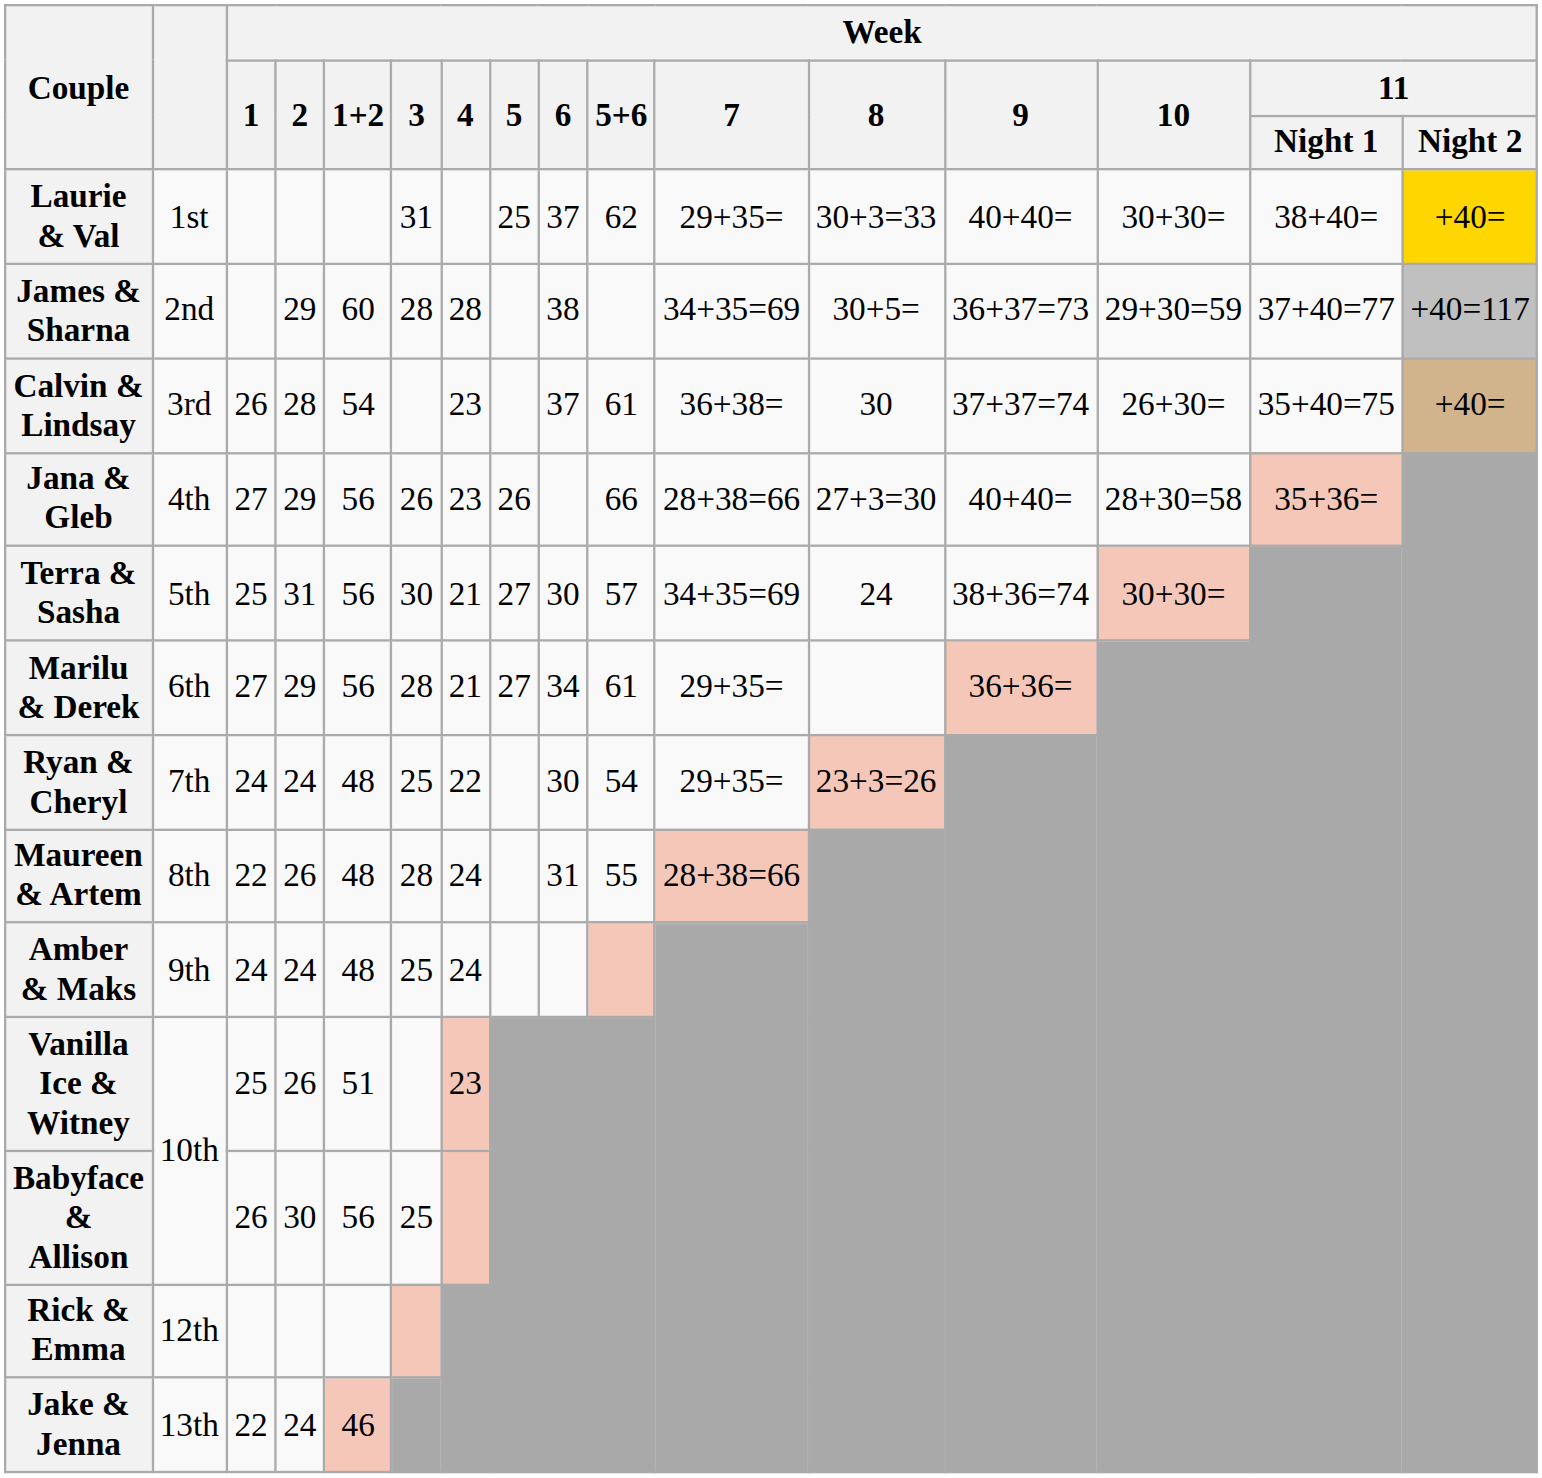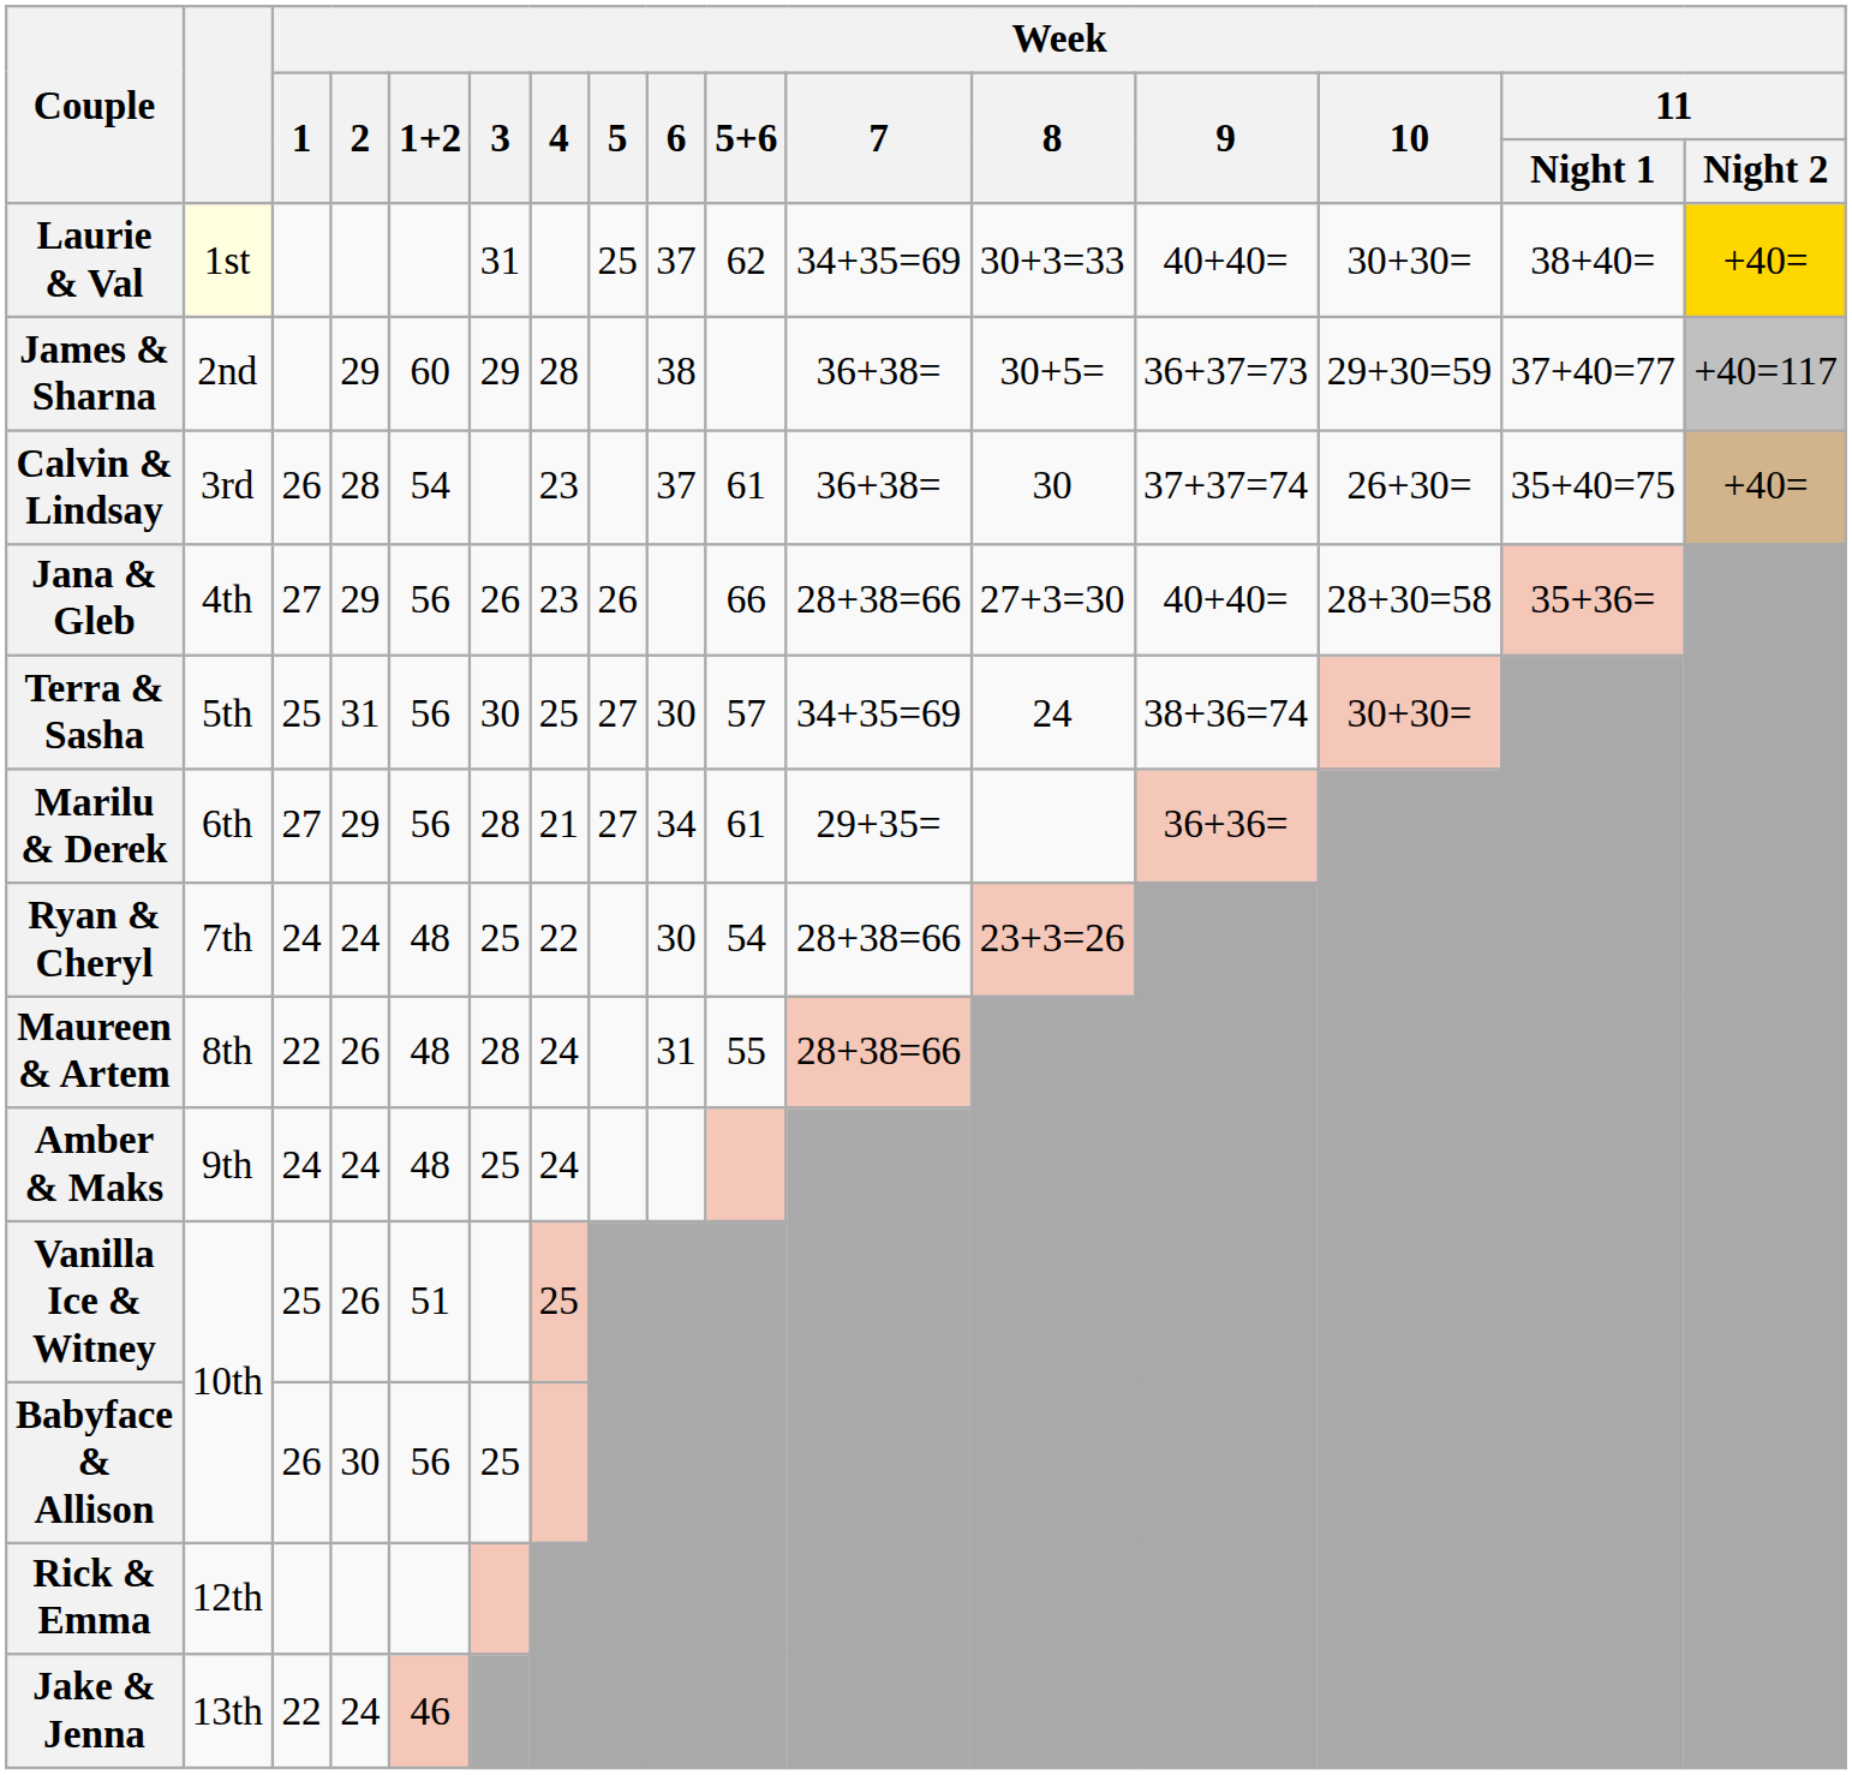 <table class="wikitable sortable" style="text-align:center; font-size:90%">
 <tr>
 <th scope="col" rowspan="3" style="text-align:center;">Couple</th>
 <th scope="col" rowspan="3" style="text-align:center;"></th>
 <th colspan="14" style="text-align:center;">Week</th>
 </tr>
 <tr>
 <th scope="col" rowspan=2>1</th>
 <th scope="col" rowspan=2>2</th>
 <th scope="col" rowspan=2>1+2</th>
 <th scope="col" rowspan=2>3</th>
 <th scope="col" rowspan=2 style="text-align:center;font-weight:normal"><strong>4</strong></th>
 <th scope="col" rowspan=2 style="text-align:center;font-weight:normal"><strong>5</strong></th>
 <th scope="col" rowspan=2>6</th>
 <th scope="col" rowspan=2>5+6</th>
 <th scope="col" rowspan=2>7</th>
 <th scope="col" rowspan=2 style="text-align:center;font-weight:normal"><strong>8</strong></th>
 <th scope="col" rowspan=2>9</th>
 <th scope="col" rowspan=2 style="text-align:center;font-weight:normal"><strong>10</strong></th>
 <th scope="col" colspan=2>11</th>
 </tr>
 <tr>
 <th>Night 1</th>
 <th>Night 2</th>
 </tr>
 <tr>
 <th scope="row">Laurie & Val</th>
-<td>1st</td>
+<td style="background: lightyellow;">1st</td>
 <td></td>
 <td></td>
 <td></td>
 <td>31</td>
 <td></td>
 <td>25</td>
 <td>37</td>
 <td>62</td>
-<td>29+35=</td>
+<td>34+35=69</td>
 <td>30+3=33</td>
 <td>40+40=</td>
 <td>30+30=</td>
 <td>38+40=</td>
 <td bgcolor=gold >+40=</td>
 </tr>
 <tr>
 <th scope="row">James & Sharna</th>
 <td>2nd</td>
 <td></td>
 <td>29</td>
 <td>60</td>
-<td>28</td>
+<td>29</td>
 <td>28</td>
 <td></td>
 <td>38</td>
 <td></td>
-<td>34+35=69</td>
+<td>36+38=</td>
 <td>30+5=</td>
 <td>36+37=73</td>
 <td>29+30=59</td>
 <td>37+40=77</td>
 <td bgcolor=silver >+40=117</td>
 </tr>
 <tr>
 <th scope="row">Calvin & Lindsay</th>
 <td>3rd</td>
 <td>26</td>
 <td>28</td>
 <td>54</td>
 <td></td>
 <td>23</td>
 <td></td>
 <td>37</td>
 <td>61</td>
 <td>36+38=</td>
 <td>30</td>
 <td>37+37=74</td>
 <td>26+30=</td>
 <td>35+40=75</td>
 <td bgcolor=tan >+40=</td>
 </tr>
 <tr>
 <th scope="row">Jana & Gleb</th>
 <td>4th</td>
 <td>27</td>
 <td>29</td>
 <td>56</td>
 <td>26</td>
 <td>23</td>
 <td>26</td>
 <td></td>
 <td>66</td>
 <td>28+38=66</td>
 <td>27+3=30</td>
 <td>40+40=</td>
 <td>28+30=58</td>
 <td bgcolor=f4c7b8 >35+36=</td>
 <td colspan="1" rowspan="10" style="background:darkgrey;"></td>
 </tr>
 <tr>
 <th scope="row">Terra & Sasha</th>
 <td>5th</td>
 <td>25</td>
 <td>31</td>
 <td>56</td>
 <td>30</td>
-<td>21</td>
+<td>25</td>
 <td>27</td>
 <td>30</td>
 <td>57</td>
 <td>34+35=69</td>
 <td>24</td>
 <td>38+36=74</td>
 <td bgcolor=f4c7b8 >30+30=</td>
 <td rowspan="9" style="background:darkgrey;"></td>
 </tr>
 <tr>
 <th scope="row">Marilu & Derek</th>
 <td>6th</td>
 <td>27</td>
 <td>29</td>
 <td>56</td>
 <td>28</td>
 <td>21</td>
 <td>27</td>
 <td>34</td>
 <td>61</td>
 <td>29+35=</td>
 <td></td>
 <td bgcolor=f4c7b8 >36+36=</td>
 <td rowspan="8" style="background:darkgrey;"></td>
 </tr>
 <tr>
 <th scope="row">Ryan & Cheryl</th>
 <td>7th</td>
 <td>24</td>
 <td>24</td>
 <td>48</td>
 <td>25</td>
 <td>22</td>
 <td></td>
 <td>30</td>
 <td>54</td>
-<td>29+35=</td>
+<td>28+38=66</td>
 <td bgcolor=f4c7b8 >23+3=26</td>
 <td rowspan="7" style="background:darkgrey;"></td>
 </tr>
 <tr>
 <th scope="row">Maureen & Artem</th>
 <td>8th</td>
 <td>22</td>
 <td>26</td>
 <td>48</td>
 <td>28</td>
 <td>24</td>
 <td></td>
 <td>31</td>
 <td>55</td>
 <td bgcolor=f4c7b8 >28+38=66</td>
 <td rowspan="6" style="background:darkgrey;"></td>
 </tr>
 <tr>
 <th scope="row">Amber & Maks</th>
 <td>9th</td>
 <td>24</td>
 <td>24</td>
 <td>48</td>
 <td>25</td>
 <td>24</td>
 <td></td>
 <td></td>
 <td bgcolor=f4c7b8></td>
 <td rowspan="5" style="background:darkgrey;"></td>
 </tr>
 <tr>
 <th scope="row">Vanilla Ice & Witney</th>
 <td rowspan="2">10th</td>
 <td>25</td>
 <td>26</td>
 <td>51</td>
 <td></td>
-<td bgcolor=f4c7b8>23</td>
+<td bgcolor=f4c7b8>25</td>
 <td colspan="3" rowspan="4" style="background:darkgrey;"></td>
 </tr>
 <tr>
 <th scope="row">Babyface & Allison</th>
 <td>26</td>
 <td>30</td>
 <td>56</td>
 <td>25</td>
 <td bgcolor=f4c7b8></td>
 </tr>
 <tr>
 <th scope="row">Rick & Emma</th>
 <td>12th</td>
 <td></td>
 <td></td>
 <td></td>
 <td bgcolor=f4c7b8></td>
 <td rowspan="2" style="background:darkgrey;"></td>
 </tr>
 <tr>
 <th scope="row">Jake & Jenna</th>
 <td>13th</td>
 <td>22</td>
 <td>24</td>
 <td bgcolor=f4c7b8>46</td>
 <td style="background:darkgrey;"></td>
 </tr>
 </table>
